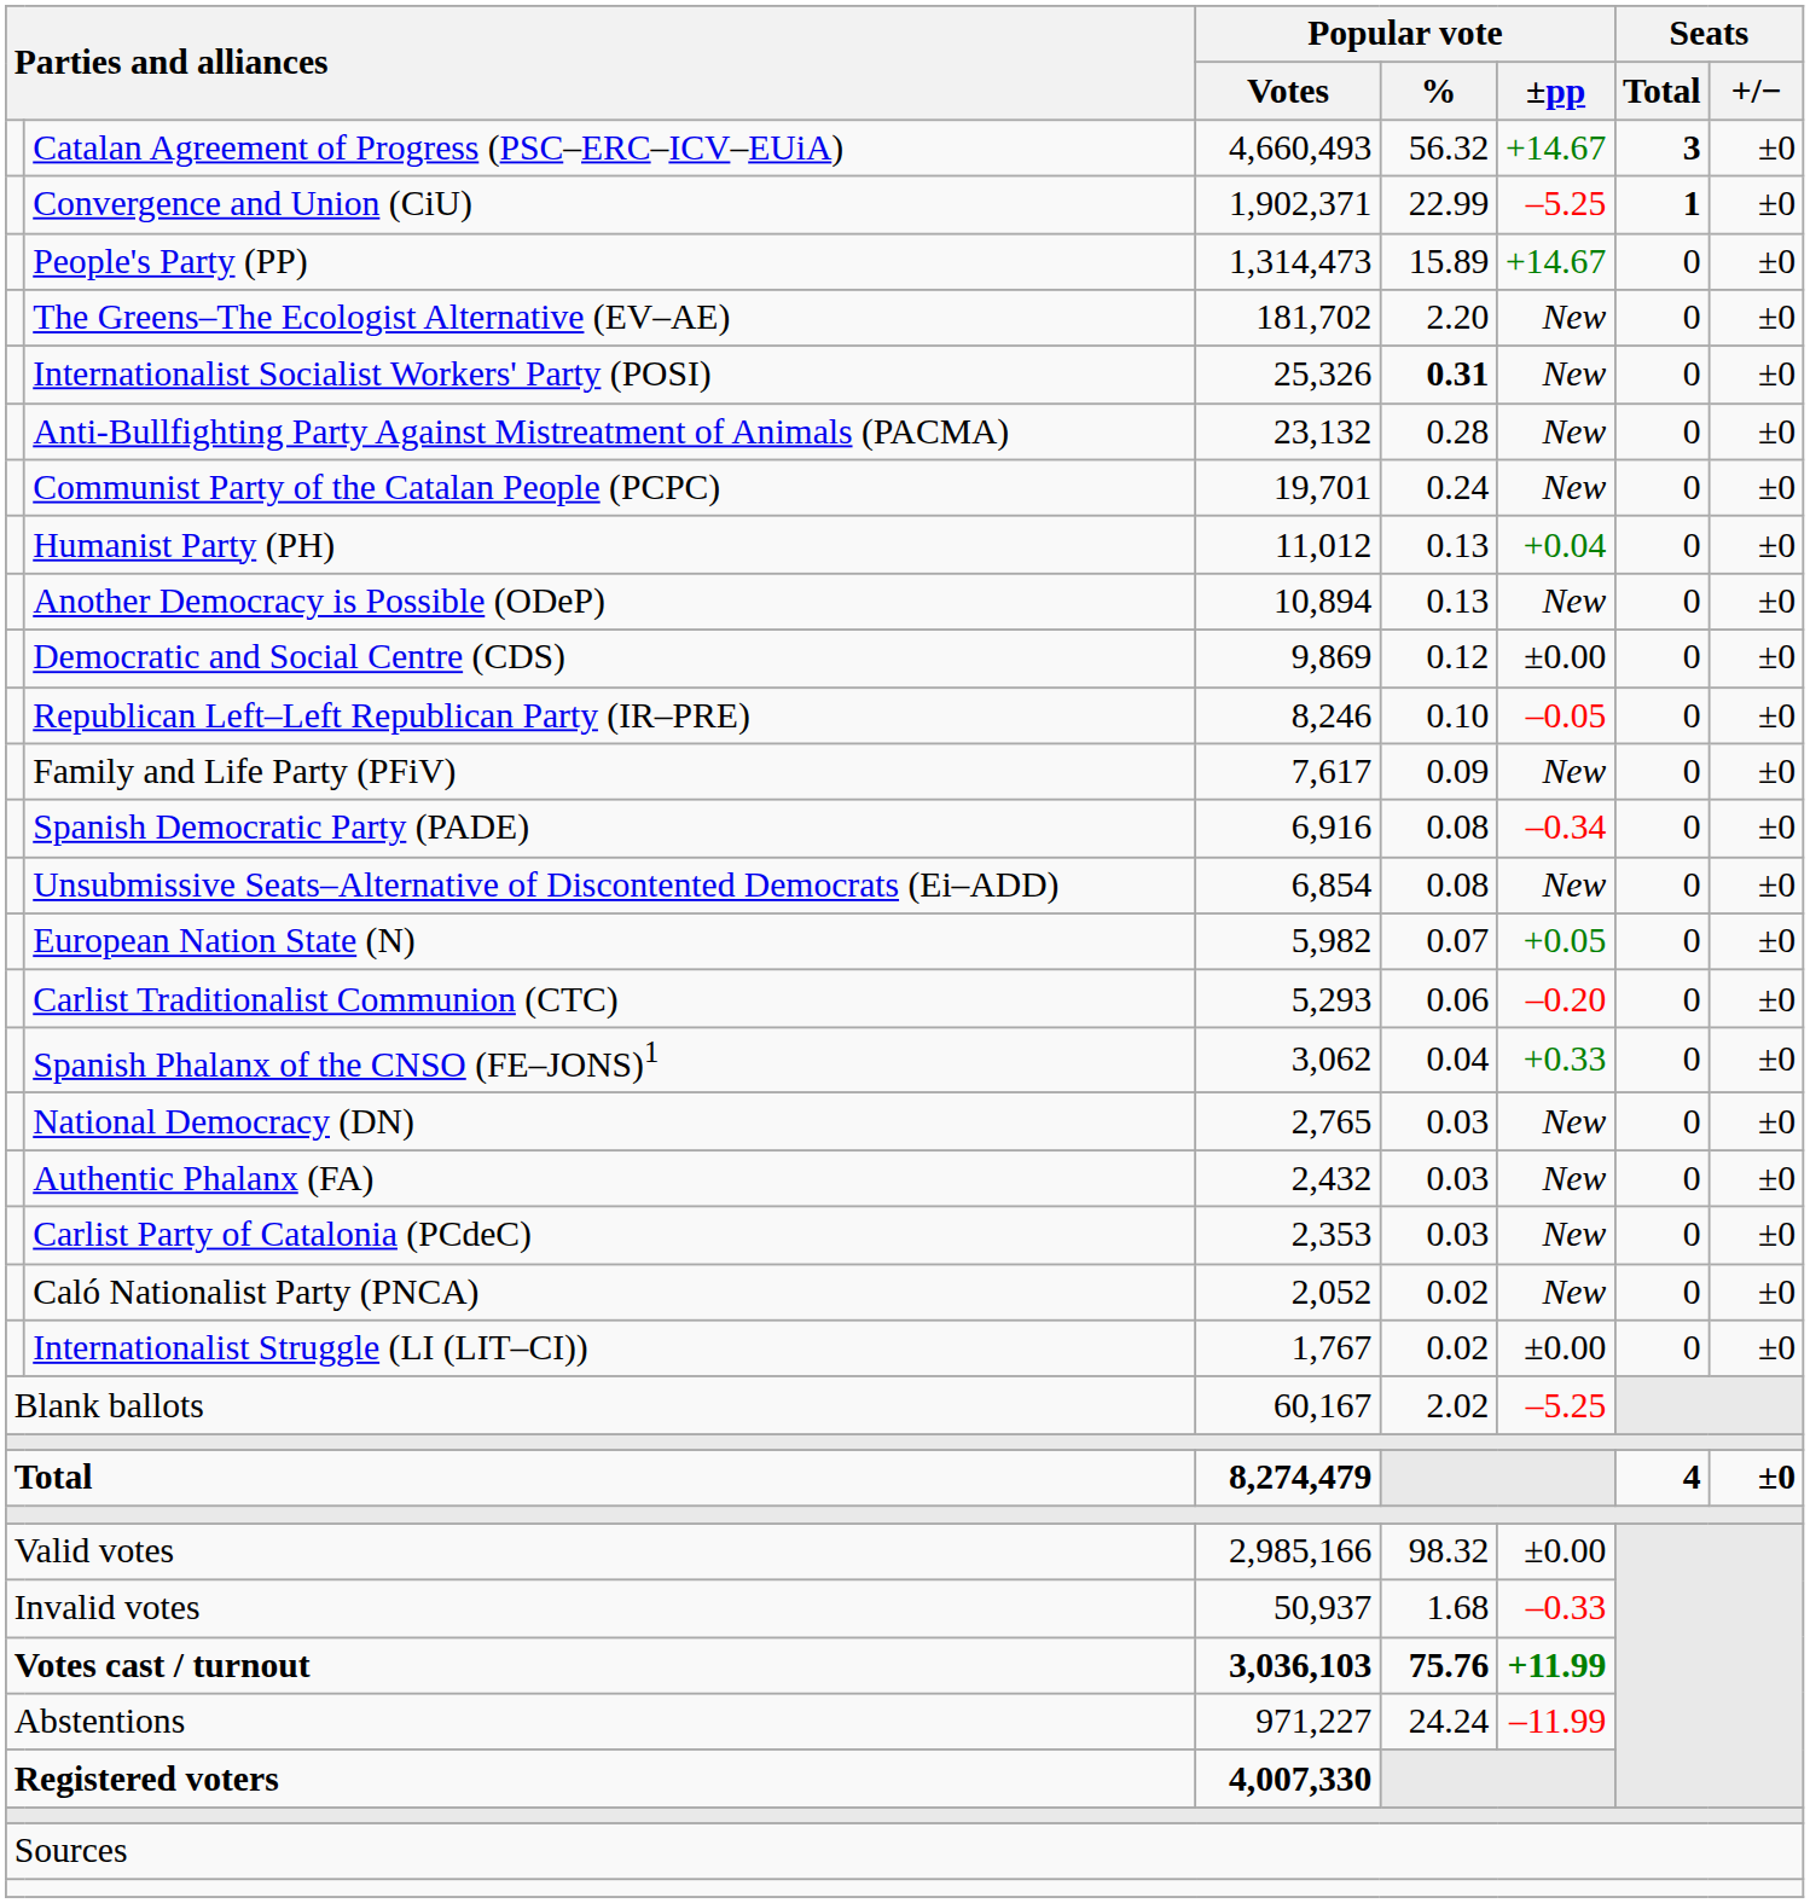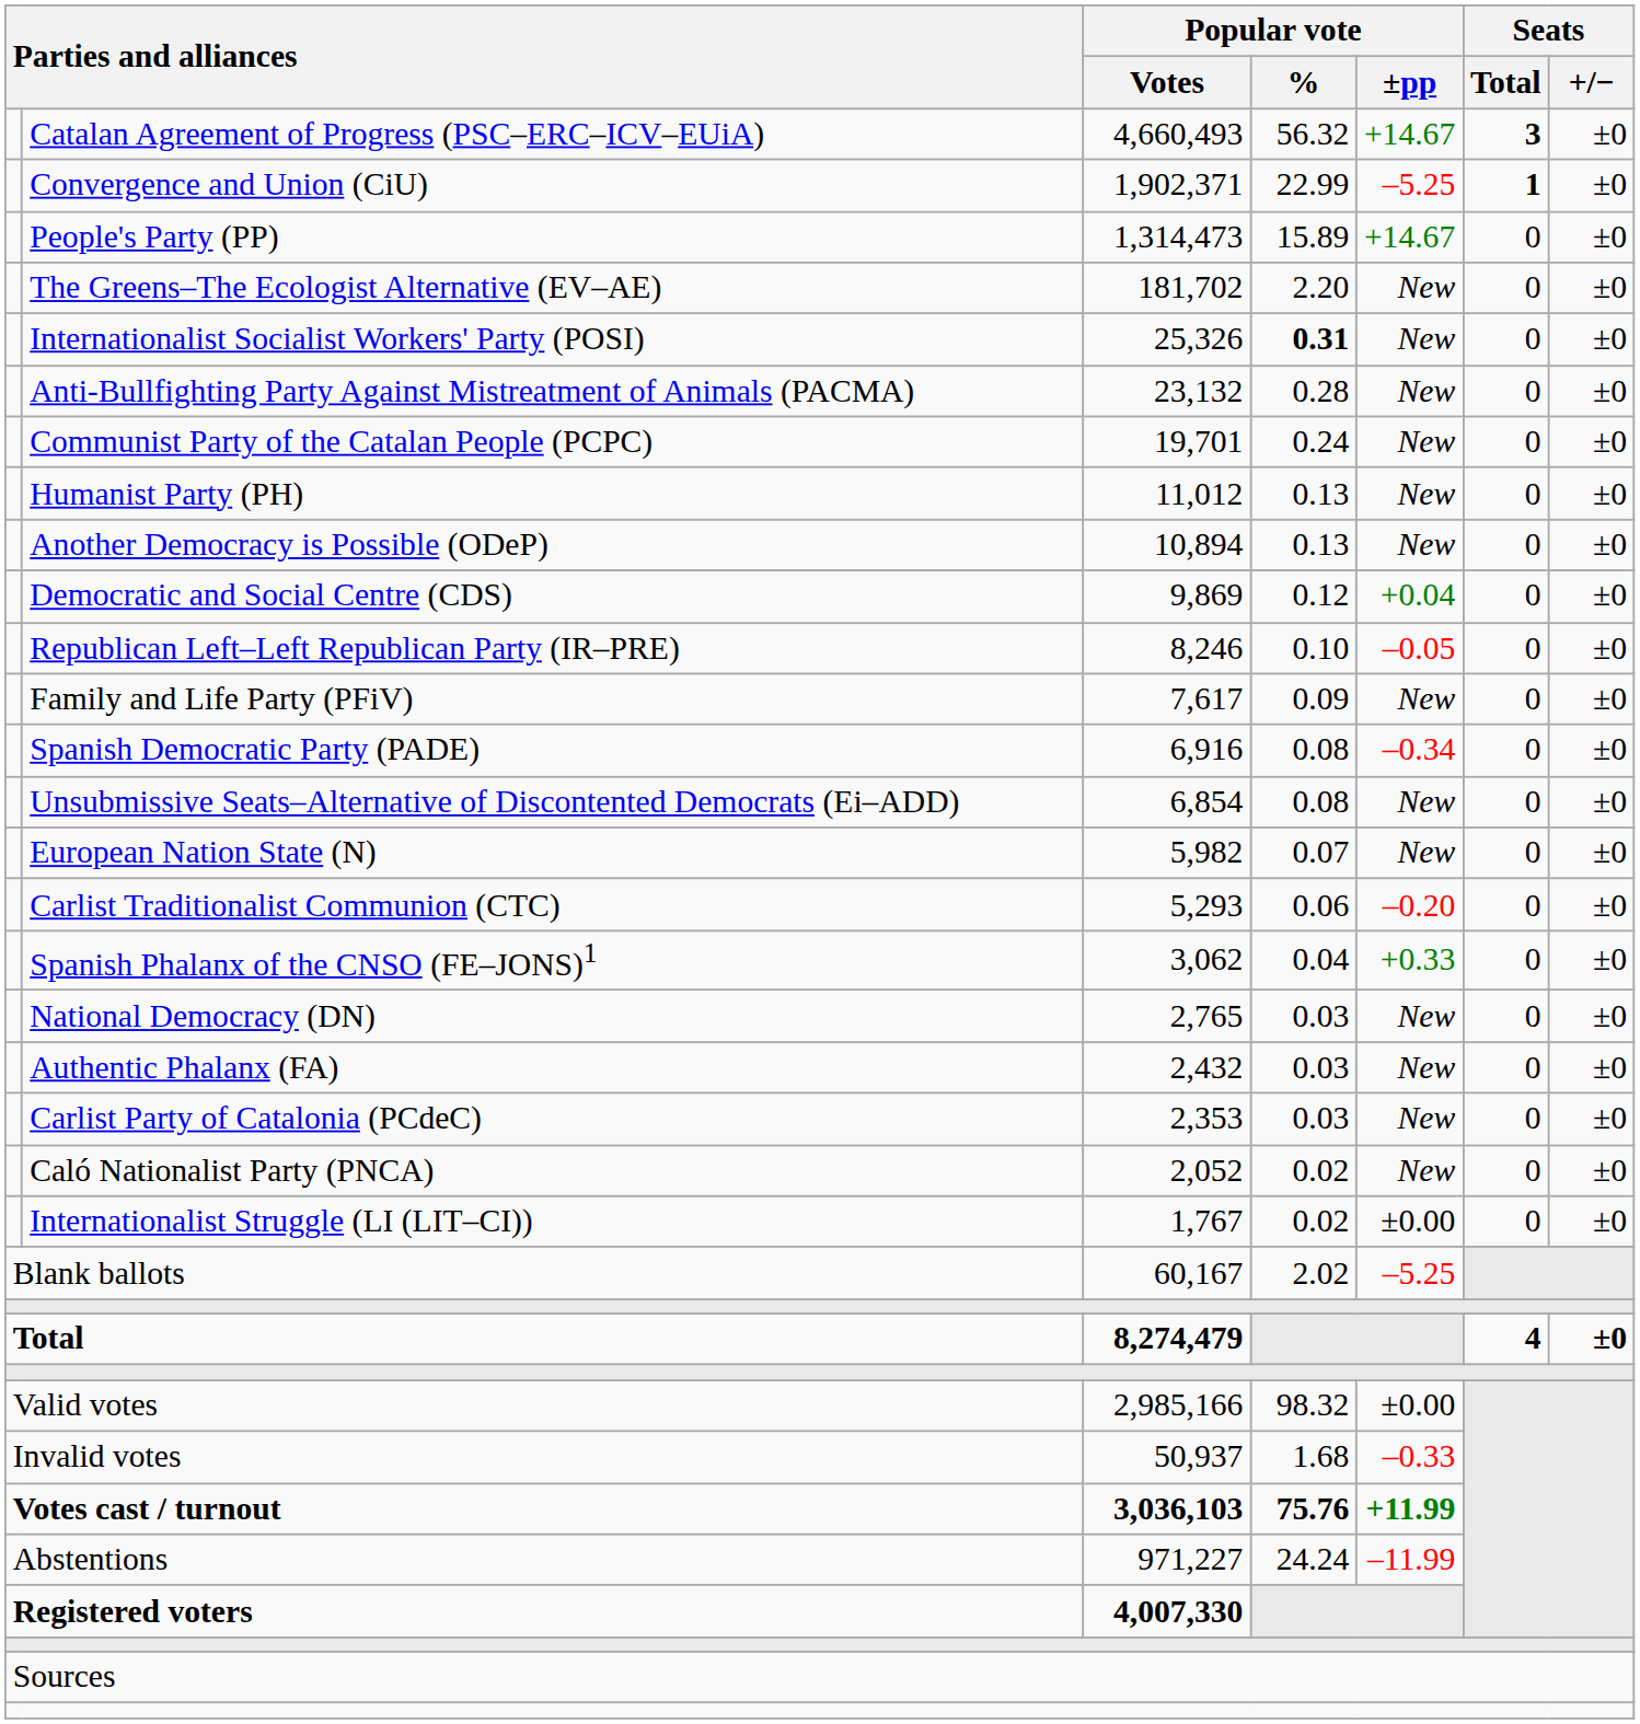 <table class="wikitable" style="text-align:right;">
 <tr>
 <th style="text-align:left;" rowspan="2" colspan="2" width="525">Parties and alliances</th>
 <th colspan="3">Popular vote</th>
 <th colspan="2">Seats</th>
 </tr>
 <tr>
 <th width="75">Votes</th>
 <th width="45">%</th>
 <th width="45">±<a href='#'>pp</a></th>
 <th width="35">Total</th>
 <th width="35">+/−</th>
 </tr>
 <tr>
 <td width="1" style="color:inherit;background:"></td>
 <td align="left"><a href='#'>Catalan Agreement of Progress</a> (<a href='#'>PSC</a>–<a href='#'>ERC</a>–<a href='#'>ICV</a>–<a href='#'>EUiA</a>)</td>
 <td>4,660,493</td>
 <td>56.32</td>
 <td style="color:green;">+14.67</td>
 <td><strong>3</strong></td>
 <td>±0</td>
 </tr>
 <tr>
 <td style="color:inherit;background:"></td>
 <td align="left"><a href='#'>Convergence and Union</a> (CiU)</td>
 <td>1,902,371</td>
 <td>22.99</td>
 <td style="color:red;">–5.25</td>
 <td><strong>1</strong></td>
 <td>±0</td>
 </tr>
 <tr>
 <td style="color:inherit;background:"></td>
 <td align="left"><a href='#'>People's Party</a> (PP)</td>
 <td>1,314,473</td>
 <td>15.89</td>
 <td style="color:green;">+14.67</td>
 <td>0</td>
 <td>±0</td>
 </tr>
 <tr>
 <td style="color:inherit;background:"></td>
 <td align="left"><a href='#'>The Greens–The Ecologist Alternative</a> (EV–AE)</td>
 <td>181,702</td>
 <td>2.20</td>
 <td><em>New</em></td>
 <td>0</td>
 <td>±0</td>
 </tr>
 <tr>
 <td style="color:inherit;background:"></td>
 <td align="left"><a href='#'>Internationalist Socialist Workers' Party</a> (POSI)</td>
 <td>25,326</td>
 <td><strong>0.31</strong></td>
 <td><em>New</em></td>
 <td>0</td>
 <td>±0</td>
 </tr>
 <tr>
 <td style="color:inherit;background:"></td>
 <td align="left"><a href='#'>Anti-Bullfighting Party Against Mistreatment of Animals</a> (PACMA)</td>
 <td>23,132</td>
 <td>0.28</td>
 <td><em>New</em></td>
 <td>0</td>
 <td>±0</td>
 </tr>
 <tr>
 <td style="color:inherit;background:"></td>
 <td align="left"><a href='#'>Communist Party of the Catalan People</a> (PCPC)</td>
 <td>19,701</td>
 <td>0.24</td>
 <td><em>New</em></td>
 <td>0</td>
 <td>±0</td>
 </tr>
 <tr>
 <td style="color:inherit;background:"></td>
 <td align="left"><a href='#'>Humanist Party</a> (PH)</td>
 <td>11,012</td>
 <td>0.13</td>
-<td style="color:green;">+0.04</td>
+<td><em>New</em></td>
 <td>0</td>
 <td>±0</td>
 </tr>
 <tr>
 <td style="color:inherit;background:"></td>
 <td align="left"><a href='#'>Another Democracy is Possible</a> (ODeP)</td>
 <td>10,894</td>
 <td>0.13</td>
 <td><em>New</em></td>
 <td>0</td>
 <td>±0</td>
 </tr>
 <tr>
 <td style="color:inherit;background:"></td>
 <td align="left"><a href='#'>Democratic and Social Centre</a> (CDS)</td>
 <td>9,869</td>
 <td>0.12</td>
-<td>±0.00</td>
+<td style="color:green;">+0.04</td>
 <td>0</td>
 <td>±0</td>
 </tr>
 <tr>
 <td style="color:inherit;background:"></td>
 <td align="left"><a href='#'>Republican Left–Left Republican Party</a> (IR–PRE)</td>
 <td>8,246</td>
 <td>0.10</td>
 <td style="color:red;">–0.05</td>
 <td>0</td>
 <td>±0</td>
 </tr>
 <tr>
 <td style="color:inherit;background:"></td>
 <td align="left">Family and Life Party (PFiV)</td>
 <td>7,617</td>
 <td>0.09</td>
 <td><em>New</em></td>
 <td>0</td>
 <td>±0</td>
 </tr>
 <tr>
 <td style="color:inherit;background:"></td>
 <td align="left"><a href='#'>Spanish Democratic Party</a> (PADE)</td>
 <td>6,916</td>
 <td>0.08</td>
 <td style="color:red;">–0.34</td>
 <td>0</td>
 <td>±0</td>
 </tr>
 <tr>
 <td style="color:inherit;background:"></td>
 <td align="left"><a href='#'>Unsubmissive Seats–Alternative of Discontented Democrats</a> (Ei–ADD)</td>
 <td>6,854</td>
 <td>0.08</td>
 <td><em>New</em></td>
 <td>0</td>
 <td>±0</td>
 </tr>
 <tr>
 <td style="color:inherit;background:"></td>
 <td align="left"><a href='#'>European Nation State</a> (N)</td>
 <td>5,982</td>
 <td>0.07</td>
-<td style="color:green;">+0.05</td>
+<td><em>New</em></td>
 <td>0</td>
 <td>±0</td>
 </tr>
 <tr>
 <td style="color:inherit;background:"></td>
 <td align="left"><a href='#'>Carlist Traditionalist Communion</a> (CTC)</td>
 <td>5,293</td>
 <td>0.06</td>
 <td style="color:red;">–0.20</td>
 <td>0</td>
 <td>±0</td>
 </tr>
 <tr>
 <td style="color:inherit;background:"></td>
 <td align="left"><a href='#'>Spanish Phalanx of the CNSO</a> (FE–JONS)<sup>1</sup></td>
 <td>3,062</td>
 <td>0.04</td>
 <td style="color:green;">+0.33</td>
 <td>0</td>
 <td>±0</td>
 </tr>
 <tr>
 <td style="color:inherit;background:"></td>
 <td align="left"><a href='#'>National Democracy</a> (DN)</td>
 <td>2,765</td>
 <td>0.03</td>
 <td><em>New</em></td>
 <td>0</td>
 <td>±0</td>
 </tr>
 <tr>
 <td style="color:inherit;background:"></td>
 <td align="left"><a href='#'>Authentic Phalanx</a> (FA)</td>
 <td>2,432</td>
 <td>0.03</td>
 <td><em>New</em></td>
 <td>0</td>
 <td>±0</td>
 </tr>
 <tr>
 <td style="color:inherit;background:"></td>
 <td align="left"><a href='#'>Carlist Party of Catalonia</a> (PCdeC)</td>
 <td>2,353</td>
 <td>0.03</td>
 <td><em>New</em></td>
 <td>0</td>
 <td>±0</td>
 </tr>
 <tr>
 <td style="color:inherit;background:"></td>
 <td align="left">Caló Nationalist Party (PNCA)</td>
 <td>2,052</td>
 <td>0.02</td>
 <td><em>New</em></td>
 <td>0</td>
 <td>±0</td>
 </tr>
 <tr>
 <td style="color:inherit;background:"></td>
 <td align="left"><a href='#'>Internationalist Struggle</a> (LI (LIT–CI))</td>
 <td>1,767</td>
 <td>0.02</td>
 <td>±0.00</td>
 <td>0</td>
 <td>±0</td>
 </tr>
 <tr>
 <td align="left" colspan="2">Blank ballots</td>
 <td>60,167</td>
 <td>2.02</td>
 <td style="color:red;">–5.25</td>
 <td bgcolor="#E9E9E9" colspan="2"></td>
 </tr>
 <tr>
 <td colspan="7" bgcolor="#E9E9E9"></td>
 </tr>
 <tr style="font-weight:bold;">
 <td align="left" colspan="2">Total</td>
 <td>8,274,479</td>
 <td bgcolor="#E9E9E9" colspan="2"></td>
 <td>4</td>
 <td>±0</td>
 </tr>
 <tr>
 <td colspan="7" bgcolor="#E9E9E9"></td>
 </tr>
 <tr>
 <td align="left" colspan="2">Valid votes</td>
 <td>2,985,166</td>
 <td>98.32</td>
 <td>±0.00</td>
 <td bgcolor="#E9E9E9" colspan="2" rowspan="5"></td>
 </tr>
 <tr>
 <td align="left" colspan="2">Invalid votes</td>
 <td>50,937</td>
 <td>1.68</td>
 <td style="color:red;">–0.33</td>
 </tr>
 <tr style="font-weight:bold;">
 <td align="left" colspan="2">Votes cast / turnout</td>
 <td>3,036,103</td>
 <td>75.76</td>
 <td style="color:green;">+11.99</td>
 </tr>
 <tr>
 <td align="left" colspan="2">Abstentions</td>
 <td>971,227</td>
 <td>24.24</td>
 <td style="color:red;">–11.99</td>
 </tr>
 <tr style="font-weight:bold;">
 <td align="left" colspan="2">Registered voters</td>
 <td>4,007,330</td>
 <td bgcolor="#E9E9E9" colspan="2"></td>
 </tr>
 <tr>
 <td colspan="7" bgcolor="#E9E9E9"></td>
 </tr>
 <tr>
 <td align="left" colspan="7">Sources</td>
 </tr>
 <tr>
 <td colspan="7" style="text-align:left; max-width:790px;"></td>
 </tr>
 </table>
